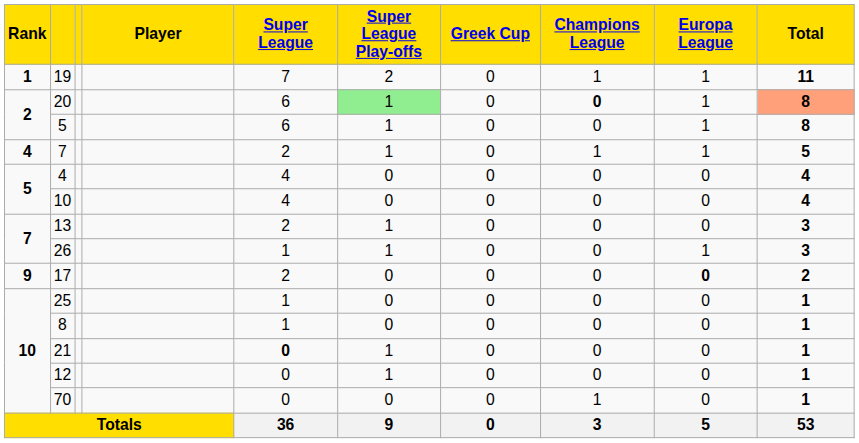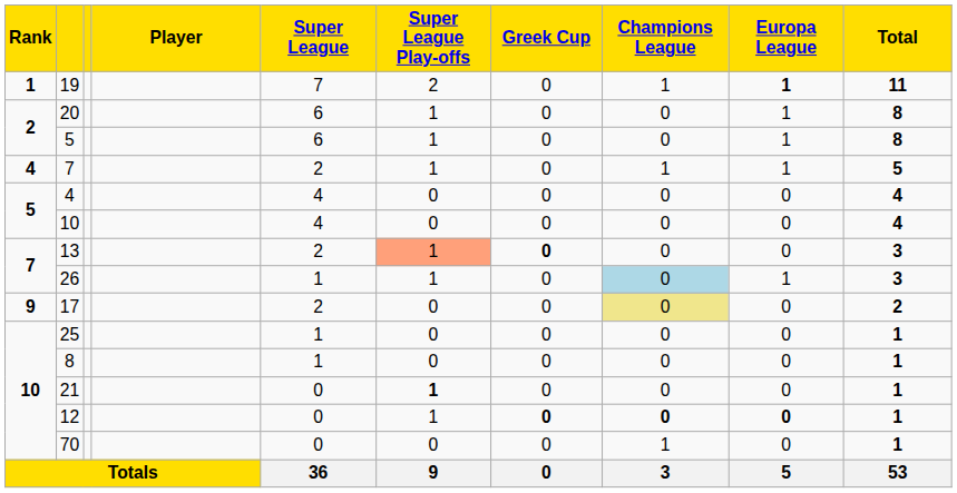 <table class="wikitable sortable" style="text-align:center">
 <tr>
 <th style="background:#FFDE00">Rank</th>
 <th style="background:#FFDE00"></th>
 <th style="background:#FFDE00"></th>
 <th width=200 style="background:#FFDE00">Player</th>
 <th width=120 style="background:#FFDE00"><a href='#'>Super League</a></th>
 <th width=120 style="background:#FFDE00"><a href='#'>Super League Play-offs</a></th>
 <th width=120 style="background:#FFDE00"><a href='#'>Greek Cup</a></th>
 <th width=120 style="background:#FFDE00"><a href='#'>Champions League</a></th>
 <th width=120 style="background:#FFDE00"><a href='#'>Europa League</a></th>
 <th width=120 style="background:#FFDE00">Total</th>
 </tr>
 <tr>
 <td><strong>1</strong></td>
 <td>19</td>
 <td></td>
 <td align=left></td>
 <td>7</td>
 <td>2</td>
 <td>0</td>
 <td>1</td>
-<td>1</td>
+<td><strong>1</strong></td>
 <td><strong>11</strong></td>
 </tr>
 <tr>
 <td rowspan=2><strong>2</strong></td>
 <td>20</td>
 <td></td>
 <td align=left></td>
 <td>6</td>
-<td style="background: lightgreen;">1</td>
+<td>1</td>
 <td>0</td>
-<td><strong>0</strong></td>
+<td>0</td>
 <td>1</td>
-<td style="background: lightsalmon;"><strong>8</strong></td>
+<td><strong>8</strong></td>
 </tr>
 <tr>
 <td>5</td>
 <td></td>
 <td align=left></td>
 <td>6</td>
 <td>1</td>
 <td>0</td>
 <td>0</td>
 <td>1</td>
 <td><strong>8</strong></td>
 </tr>
 <tr>
 <td><strong>4</strong></td>
 <td>7</td>
 <td></td>
 <td align=left></td>
 <td>2</td>
 <td>1</td>
 <td>0</td>
 <td>1</td>
 <td>1</td>
 <td><strong>5</strong></td>
 </tr>
 <tr>
 <td rowspan=2><strong>5</strong></td>
 <td>4</td>
 <td></td>
 <td align=left></td>
 <td>4</td>
 <td>0</td>
 <td>0</td>
 <td>0</td>
 <td>0</td>
 <td><strong>4</strong></td>
 </tr>
 <tr>
 <td>10</td>
 <td></td>
 <td align=left></td>
 <td>4</td>
 <td>0</td>
 <td>0</td>
 <td>0</td>
 <td>0</td>
 <td><strong>4</strong></td>
 </tr>
 <tr>
 <td rowspan=2><strong>7</strong></td>
 <td>13</td>
 <td></td>
 <td align=left></td>
 <td>2</td>
-<td>1</td>
-<td>0</td>
+<td style="background: lightsalmon;">1</td>
+<td><strong>0</strong></td>
 <td>0</td>
 <td>0</td>
 <td><strong>3</strong></td>
 </tr>
 <tr>
 <td>26</td>
 <td></td>
 <td align=left></td>
 <td>1</td>
 <td>1</td>
 <td>0</td>
-<td>0</td>
+<td style="background: lightblue;">0</td>
 <td>1</td>
 <td><strong>3</strong></td>
 </tr>
 <tr>
 <td><strong>9</strong></td>
 <td>17</td>
 <td></td>
 <td align=left></td>
 <td>2</td>
 <td>0</td>
 <td>0</td>
+<td style="background: khaki;">0</td>
 <td>0</td>
-<td><strong>0</strong></td>
 <td><strong>2</strong></td>
 </tr>
 <tr>
 <td rowspan=5><strong>10</strong></td>
 <td>25</td>
 <td></td>
 <td align=left></td>
 <td>1</td>
 <td>0</td>
 <td>0</td>
 <td>0</td>
 <td>0</td>
 <td><strong>1</strong></td>
 </tr>
 <tr>
 <td>8</td>
 <td></td>
 <td align=left></td>
 <td>1</td>
 <td>0</td>
 <td>0</td>
 <td>0</td>
 <td>0</td>
 <td><strong>1</strong></td>
 </tr>
 <tr>
 <td>21</td>
 <td></td>
 <td align=left></td>
-<td><strong>0</strong></td>
-<td>1</td>
+<td>0</td>
+<td><strong>1</strong></td>
 <td>0</td>
 <td>0</td>
 <td>0</td>
 <td><strong>1</strong></td>
 </tr>
 <tr>
 <td>12</td>
 <td></td>
 <td align=left></td>
 <td>0</td>
 <td>1</td>
-<td>0</td>
-<td>0</td>
-<td>0</td>
+<td><strong>0</strong></td>
+<td><strong>0</strong></td>
+<td><strong>0</strong></td>
 <td><strong>1</strong></td>
 </tr>
 <tr>
 <td>70</td>
 <td></td>
 <td align=left></td>
 <td>0</td>
 <td>0</td>
 <td>0</td>
 <td>1</td>
 <td>0</td>
 <td><strong>1</strong></td>
 </tr>
 <tr class="sortbottom">
 <th colspan=4 style="background:#FFDE00"><strong>Totals</strong></th>
 <th><strong>36</strong></th>
 <th><strong> 9</strong></th>
 <th><strong> 0</strong></th>
 <th><strong> 3</strong></th>
 <th><strong> 5</strong></th>
 <th><strong>53</strong></th>
 </tr>
 </table>
